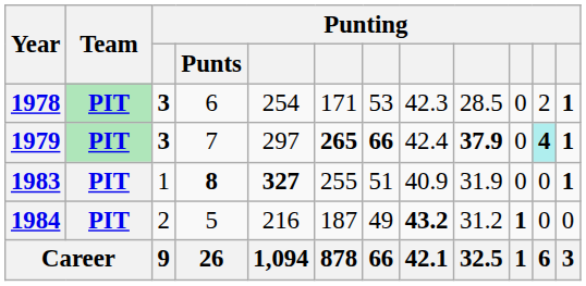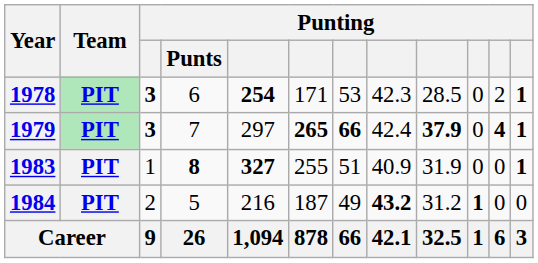 <table class=wikitable style="text-align:center;">
 <tr>
 <th rowspan="2">Year</th>
 <th rowspan="2">Team</th>
 <th colspan="10">Punting</th>
 </tr>
 <tr>
 <th></th>
 <th>Punts</th>
 <th></th>
 <th></th>
 <th></th>
 <th></th>
 <th></th>
 <th></th>
 <th></th>
 <th></th>
 </tr>
 <tr>
 <th><a href='#'>1978</a></th>
 <th style="background:#afe6ba; width:3em;"><a href='#'>PIT</a></th>
 <td><strong>3</strong></td>
 <td>6</td>
-<td>254</td>
+<td><strong>254</strong></td>
 <td>171</td>
 <td>53</td>
 <td>42.3</td>
 <td>28.5</td>
 <td>0</td>
 <td>2</td>
 <td><strong>1</strong></td>
 </tr>
 <tr>
 <th><a href='#'>1979</a></th>
 <th style="background:#afe6ba; width:3em;"><a href='#'>PIT</a></th>
 <td><strong>3</strong></td>
 <td>7</td>
 <td>297</td>
 <td><strong>265</strong></td>
 <td><strong>66</strong></td>
 <td>42.4</td>
 <td><strong>37.9</strong></td>
 <td>0</td>
-<td style="background: paleturquoise;"><strong>4</strong></td>
+<td><strong>4</strong></td>
 <td><strong>1</strong></td>
 </tr>
 <tr>
 <th><a href='#'>1983</a></th>
 <th><a href='#'>PIT</a></th>
 <td>1</td>
 <td><strong>8</strong></td>
 <td><strong>327</strong></td>
 <td>255</td>
 <td>51</td>
 <td>40.9</td>
 <td>31.9</td>
 <td>0</td>
 <td>0</td>
 <td><strong>1</strong></td>
 </tr>
 <tr>
 <th><a href='#'>1984</a></th>
 <th><a href='#'>PIT</a></th>
 <td>2</td>
 <td>5</td>
 <td>216</td>
 <td>187</td>
 <td>49</td>
 <td><strong>43.2</strong></td>
 <td>31.2</td>
 <td><strong>1</strong></td>
 <td>0</td>
 <td>0</td>
 </tr>
 <tr>
 <th colspan="2">Career</th>
 <th>9</th>
 <th>26</th>
 <th>1,094</th>
 <th>878</th>
 <th>66</th>
 <th>42.1</th>
 <th>32.5</th>
 <th>1</th>
 <th>6</th>
 <th>3</th>
 </tr>
 </table>
